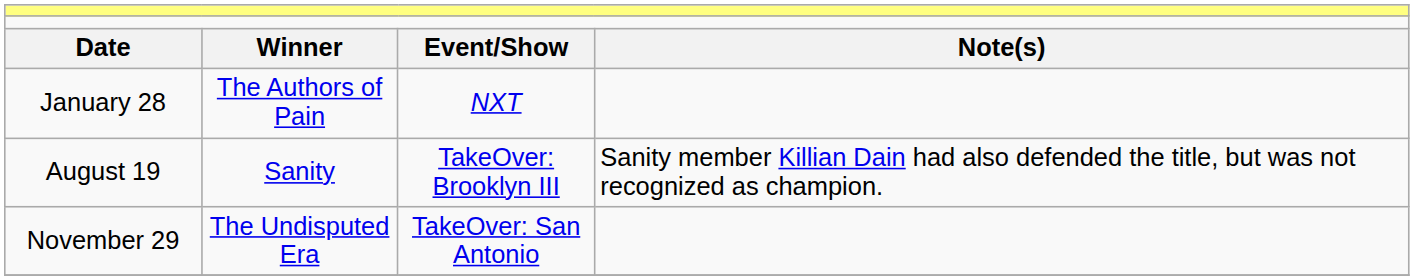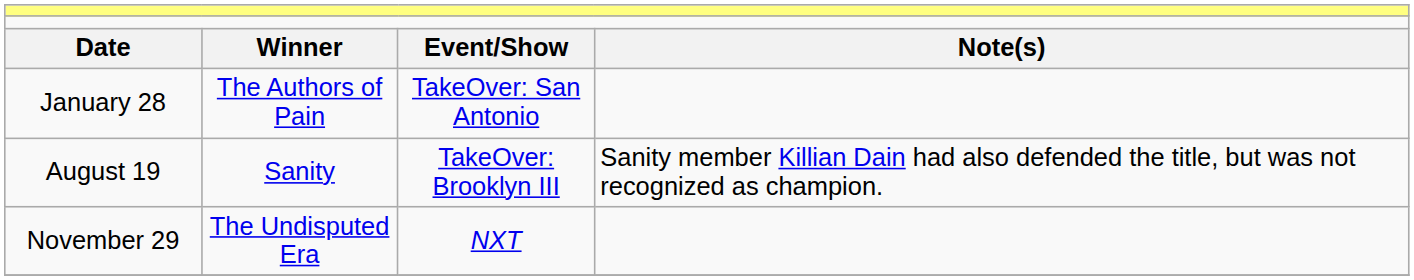 <table class="wikitable" style="text-align:center; width:100%;">
 <tr style="background:#FFFF80;">
 <td colspan="5"></td>
 </tr>
 <tr>
 <td colspan="5"><strong></strong></td>
 </tr>
 <tr>
 <th width=14%>Date</th>
 <th width=14%>Winner</th>
 <th width=14%>Event/Show</th>
 <th width=58%>Note(s)</th>
 </tr>
 <tr>
 <td>January 28</td>
 <td><a href='#'>The Authors of Pain</a><br></td>
-<td><em><a href='#'>NXT</a></em></td>
+<td><a href='#'>TakeOver: San Antonio</a></td>
 <td align=left></td>
 </tr>
 <tr>
 <td>August 19</td>
 <td><a href='#'>Sanity</a><br></td>
 <td><a href='#'>TakeOver: Brooklyn III</a></td>
 <td align=left>Sanity member <a href='#'>Killian Dain</a> had also defended the title, but was not recognized as champion.</td>
 </tr>
 <tr>
 <td>November 29<br></td>
 <td><a href='#'>The Undisputed Era</a><br></td>
-<td><a href='#'>TakeOver: San Antonio</a></td>
+<td><em><a href='#'>NXT</a></em></td>
 <td></td>
 </tr>
 <tr>
 </tr>
 </table>
